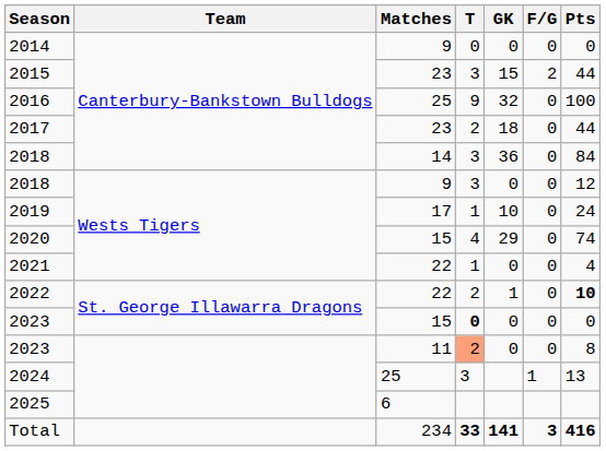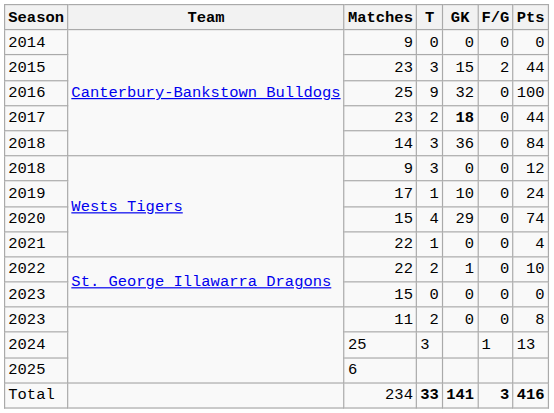 <table class="wikitable sortable">
 <tr>
 <th>Season</th>
 <th>Team</th>
 <th>Matches</th>
 <th>T</th>
 <th>GK</th>
 <th>F/G</th>
 <th>Pts</th>
 </tr>
 <tr>
 <td>2014</td>
 <td rowspan="5"> <a href='#'>Canterbury-Bankstown Bulldogs</a></td>
 <td align=right>9</td>
 <td align=right>0</td>
 <td align=right>0</td>
 <td align=right>0</td>
 <td align=right>0</td>
 </tr>
 <tr>
 <td>2015</td>
 <td align=right>23</td>
 <td align=right>3</td>
 <td align=right>15</td>
 <td align=right>2</td>
 <td align=right>44</td>
 </tr>
 <tr>
 <td>2016</td>
 <td align=right>25</td>
 <td align=right>9</td>
 <td align=right>32</td>
 <td align=right>0</td>
 <td align=right>100</td>
 </tr>
 <tr>
 <td>2017</td>
 <td align=right>23</td>
 <td align=right>2</td>
-<td align=right>18</td>
+<td align=right><strong>18</strong></td>
 <td align=right>0</td>
 <td align=right>44</td>
 </tr>
 <tr>
 <td>2018</td>
 <td align=right>14</td>
 <td align=right>3</td>
 <td align=right>36</td>
 <td align=right>0</td>
 <td align=right>84</td>
 </tr>
 <tr>
 <td>2018</td>
 <td rowspan="4"> <a href='#'>Wests Tigers</a></td>
 <td align=right>9</td>
 <td align=right>3</td>
 <td align=right>0</td>
 <td align=right>0</td>
 <td align=right>12</td>
 </tr>
 <tr>
 <td>2019</td>
 <td align=right>17</td>
 <td align=right>1</td>
 <td align=right>10</td>
 <td align=right>0</td>
 <td align=right>24</td>
 </tr>
 <tr>
 <td>2020</td>
 <td align=right>15</td>
 <td align=right>4</td>
 <td align=right>29</td>
 <td align=right>0</td>
 <td align=right>74</td>
 </tr>
 <tr>
 <td>2021</td>
 <td align=right>22</td>
 <td align=right>1</td>
 <td align=right>0</td>
 <td align=right>0</td>
 <td align=right>4</td>
 </tr>
 <tr>
 <td>2022</td>
 <td rowspan="2"> <a href='#'>St. George Illawarra Dragons</a></td>
 <td align=right>22</td>
 <td align=right>2</td>
 <td align=right>1</td>
 <td align=right>0</td>
-<td align=right><strong>10</strong></td>
+<td align=right>10</td>
 </tr>
 <tr>
 <td>2023</td>
 <td align=right>15</td>
-<td align=right><strong>0</strong></td>
+<td align=right>0</td>
 <td align=right>0</td>
 <td align=right>0</td>
 <td align=right>0</td>
 </tr>
 <tr>
 <td>2023</td>
 <td rowspan="3"></td>
 <td align=right>11</td>
-<td align=right style="background: lightsalmon;">2</td>
+<td align=right>2</td>
 <td align=right>0</td>
 <td align=right>0</td>
 <td align=right>8</td>
 </tr>
 <tr>
 <td>2024</td>
 <td>25</td>
 <td>3</td>
 <td></td>
 <td>1</td>
 <td>13</td>
 </tr>
 <tr>
 <td>2025</td>
 <td>6</td>
 <td></td>
 <td></td>
 <td></td>
 <td></td>
 </tr>
 <tr>
 <td>Total</td>
 <td></td>
 <td align="right">234</td>
 <td align="right"><strong>33</strong></td>
 <td align="right"><strong>141</strong></td>
 <td align="right"><strong>3</strong></td>
 <td align="right"><strong>416</strong></td>
 </tr>
 </table>
